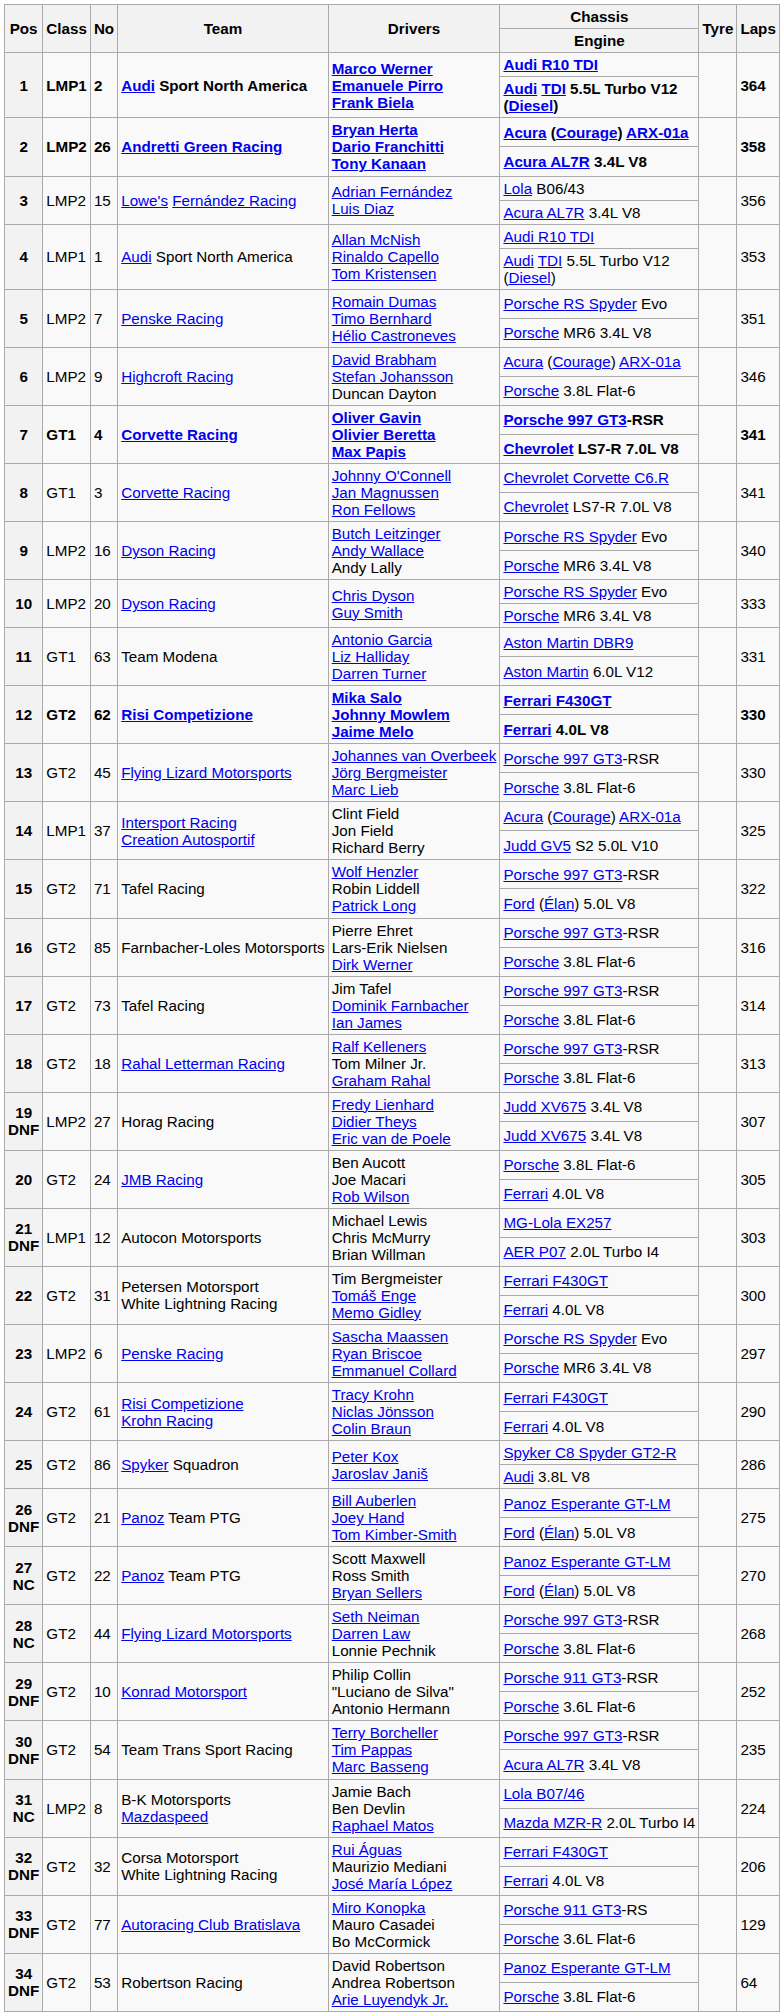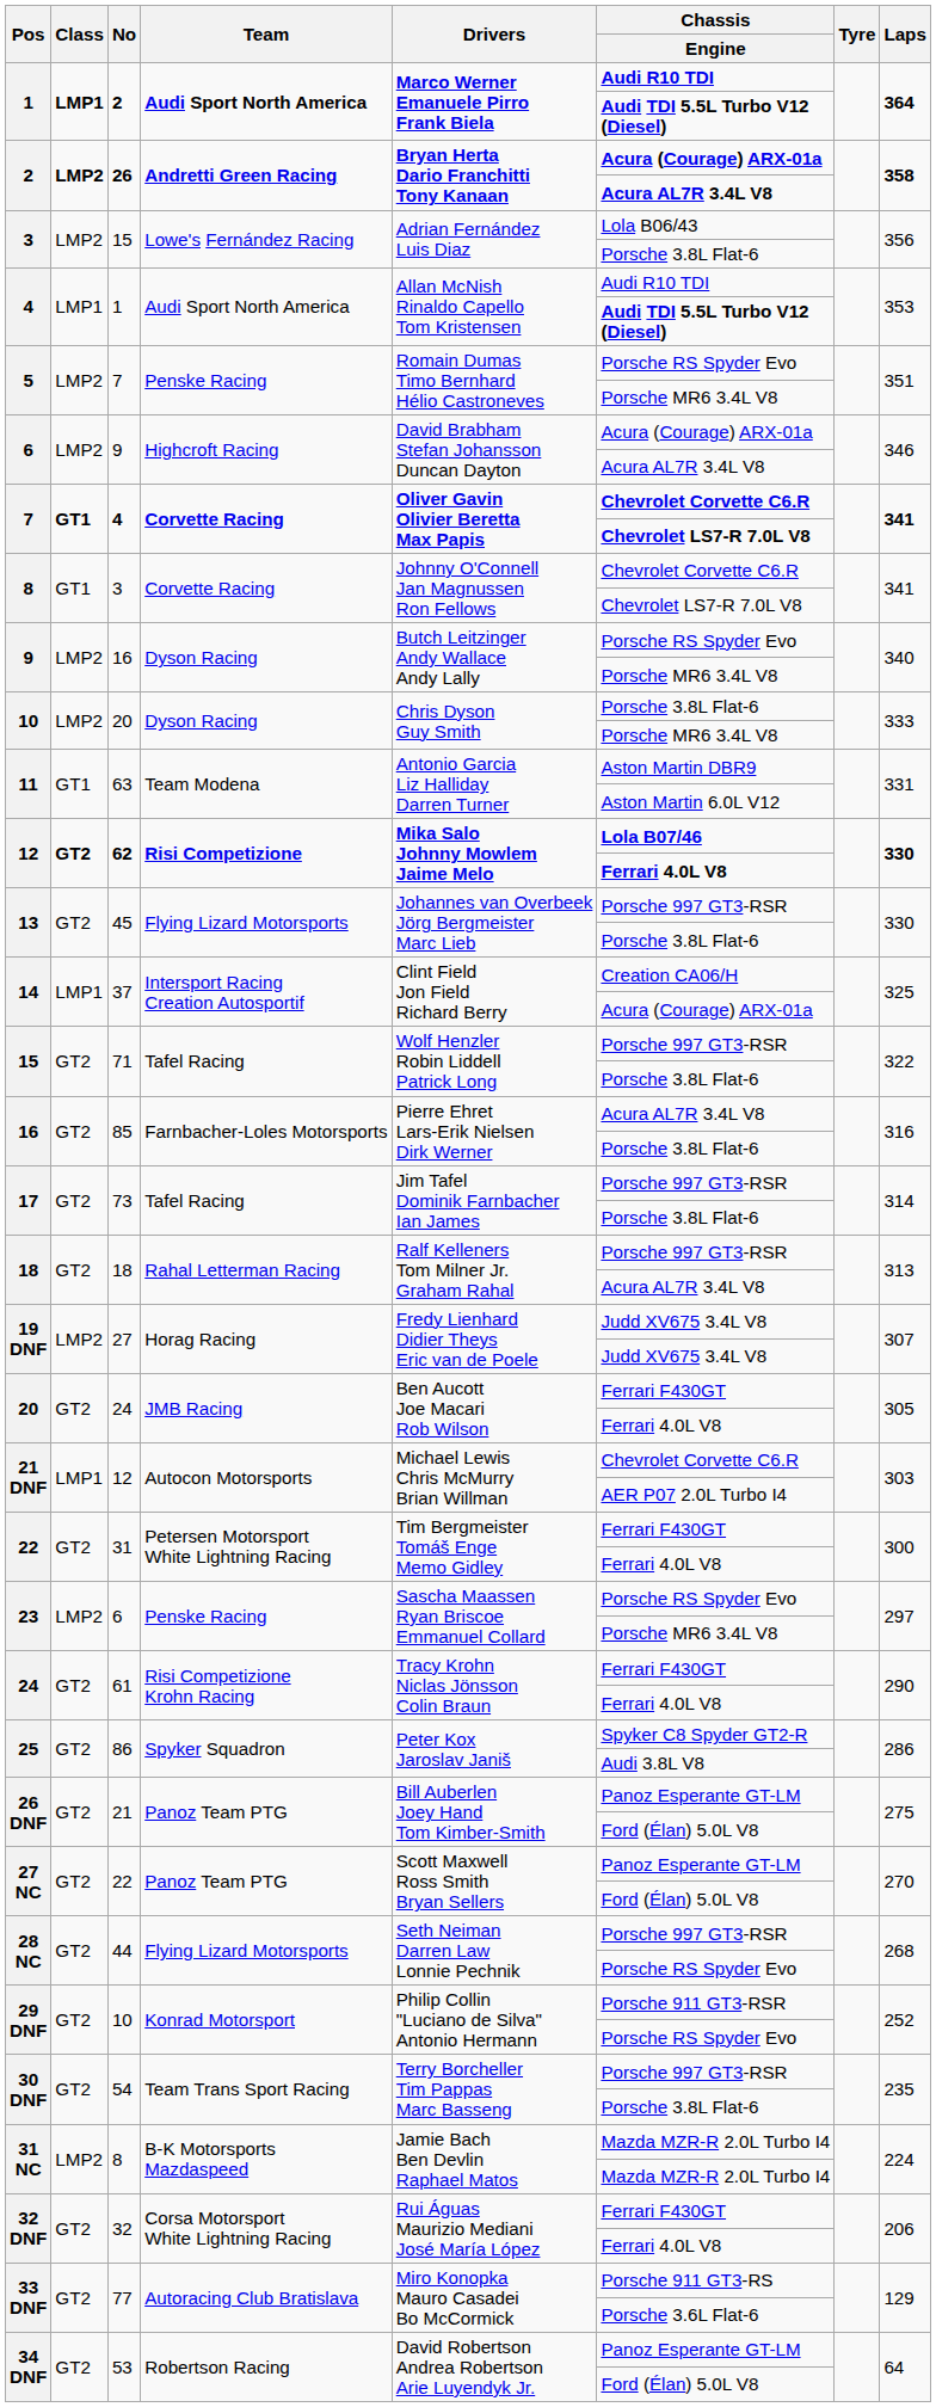 <table class="wikitable" style="font-size: 95%;">
 <tr>
 <th rowspan=2>Pos</th>
 <th rowspan=2>Class</th>
 <th rowspan=2>No</th>
 <th rowspan=2>Team</th>
 <th rowspan=2>Drivers</th>
 <th>Chassis</th>
 <th rowspan=2>Tyre</th>
 <th rowspan=2>Laps</th>
 </tr>
 <tr>
 <th>Engine</th>
 </tr>
 <tr style="font-weight:bold">
 <th rowspan=2>1</th>
 <td rowspan=2>LMP1</td>
 <td rowspan=2>2</td>
 <td rowspan=2> <a href='#'>Audi</a> Sport North America</td>
 <td rowspan=2> <a href='#'>Marco Werner</a><br> <a href='#'>Emanuele Pirro</a><br> <a href='#'>Frank Biela</a></td>
 <td><a href='#'>Audi R10 TDI</a></td>
 <td rowspan=2></td>
 <td rowspan=2>364</td>
 </tr>
 <tr style="font-weight:bold">
 <td><a href='#'>Audi</a> <a href='#'>TDI</a> 5.5L Turbo V12<br>(<a href='#'>Diesel</a>)</td>
 </tr>
 <tr style="font-weight:bold">
 <th rowspan=2>2</th>
 <td rowspan=2>LMP2</td>
 <td rowspan=2>26</td>
 <td rowspan=2> <a href='#'>Andretti Green Racing</a></td>
 <td rowspan=2> <a href='#'>Bryan Herta</a><br> <a href='#'>Dario Franchitti</a><br> <a href='#'>Tony Kanaan</a></td>
 <td><a href='#'>Acura</a> (<a href='#'>Courage</a>) <a href='#'>ARX-01a</a></td>
 <td rowspan=2></td>
 <td rowspan=2>358</td>
 </tr>
 <tr style="font-weight:bold">
 <td><a href='#'>Acura AL7R</a> 3.4L V8</td>
 </tr>
 <tr>
 <th rowspan=2>3</th>
 <td rowspan=2>LMP2</td>
 <td rowspan=2>15</td>
 <td rowspan=2> <a href='#'>Lowe's</a> <a href='#'>Fernández Racing</a></td>
 <td rowspan=2> <a href='#'>Adrian Fernández</a><br> <a href='#'>Luis Diaz</a></td>
 <td><a href='#'>Lola</a> B06/43</td>
 <td rowspan=2></td>
 <td rowspan=2>356</td>
 </tr>
 <tr>
-<td><a href='#'>Acura AL7R</a> 3.4L V8</td>
+<td><a href='#'>Porsche</a> 3.8L Flat-6</td>
 </tr>
 <tr>
 <th rowspan=2>4</th>
 <td rowspan=2>LMP1</td>
 <td rowspan=2>1</td>
 <td rowspan=2> <a href='#'>Audi</a> Sport North America</td>
 <td rowspan=2> <a href='#'>Allan McNish</a><br> <a href='#'>Rinaldo Capello</a><br> <a href='#'>Tom Kristensen</a></td>
 <td><a href='#'>Audi R10 TDI</a></td>
 <td rowspan=2></td>
 <td rowspan=2>353</td>
 </tr>
 <tr>
-<td><a href='#'>Audi</a> <a href='#'>TDI</a> 5.5L Turbo V12<br>(<a href='#'>Diesel</a>)</td>
+<td><strong><a href='#'>Audi</a> <a href='#'>TDI</a> 5.5L Turbo V12<br>(<a href='#'>Diesel</a>)</strong></td>
 </tr>
 <tr>
 <th rowspan=2>5</th>
 <td rowspan=2>LMP2</td>
 <td rowspan=2>7</td>
 <td rowspan=2> <a href='#'>Penske Racing</a></td>
 <td rowspan=2> <a href='#'>Romain Dumas</a><br> <a href='#'>Timo Bernhard</a><br> <a href='#'>Hélio Castroneves</a></td>
 <td><a href='#'>Porsche RS Spyder</a> Evo</td>
 <td rowspan=2></td>
 <td rowspan=2>351</td>
 </tr>
 <tr>
 <td><a href='#'>Porsche</a> MR6 3.4L V8</td>
 </tr>
 <tr>
 <th rowspan=2>6</th>
 <td rowspan=2>LMP2</td>
 <td rowspan=2>9</td>
 <td rowspan=2> <a href='#'>Highcroft Racing</a></td>
 <td rowspan=2> <a href='#'>David Brabham</a><br> <a href='#'>Stefan Johansson</a><br> Duncan Dayton</td>
 <td><a href='#'>Acura</a> (<a href='#'>Courage</a>) <a href='#'>ARX-01a</a></td>
 <td rowspan=2></td>
 <td rowspan=2>346</td>
 </tr>
 <tr>
-<td><a href='#'>Porsche</a> 3.8L Flat-6</td>
+<td><a href='#'>Acura AL7R</a> 3.4L V8</td>
 </tr>
 <tr style="font-weight:bold">
 <th rowspan=2>7</th>
 <td rowspan=2>GT1</td>
 <td rowspan=2>4</td>
 <td rowspan=2> <a href='#'>Corvette Racing</a></td>
 <td rowspan=2> <a href='#'>Oliver Gavin</a><br> <a href='#'>Olivier Beretta</a><br> <a href='#'>Max Papis</a></td>
-<td><a href='#'>Porsche 997 GT3</a>-RSR</td>
+<td><a href='#'>Chevrolet Corvette C6.R</a></td>
 <td rowspan=2></td>
 <td rowspan=2>341</td>
 </tr>
 <tr style="font-weight:bold">
 <td><a href='#'>Chevrolet</a> LS7-R 7.0L V8</td>
 </tr>
 <tr>
 <th rowspan=2>8</th>
 <td rowspan=2>GT1</td>
 <td rowspan=2>3</td>
 <td rowspan=2> <a href='#'>Corvette Racing</a></td>
 <td rowspan=2> <a href='#'>Johnny O'Connell</a><br> <a href='#'>Jan Magnussen</a><br> <a href='#'>Ron Fellows</a></td>
 <td><a href='#'>Chevrolet Corvette C6.R</a></td>
 <td rowspan=2></td>
 <td rowspan=2>341</td>
 </tr>
 <tr>
 <td><a href='#'>Chevrolet</a> LS7-R 7.0L V8</td>
 </tr>
 <tr>
 <th rowspan=2>9</th>
 <td rowspan=2>LMP2</td>
 <td rowspan=2>16</td>
 <td rowspan=2> <a href='#'>Dyson Racing</a></td>
 <td rowspan=2> <a href='#'>Butch Leitzinger</a><br> <a href='#'>Andy Wallace</a><br> Andy Lally</td>
 <td><a href='#'>Porsche RS Spyder</a> Evo</td>
 <td rowspan=2></td>
 <td rowspan=2>340</td>
 </tr>
 <tr>
 <td><a href='#'>Porsche</a> MR6 3.4L V8</td>
 </tr>
 <tr>
 <th rowspan=2>10</th>
 <td rowspan=2>LMP2</td>
 <td rowspan=2>20</td>
 <td rowspan=2> <a href='#'>Dyson Racing</a></td>
 <td rowspan=2> <a href='#'>Chris Dyson</a><br> <a href='#'>Guy Smith</a></td>
-<td><a href='#'>Porsche RS Spyder</a> Evo</td>
+<td><a href='#'>Porsche</a> 3.8L Flat-6</td>
 <td rowspan=2></td>
 <td rowspan=2>333</td>
 </tr>
 <tr>
 <td><a href='#'>Porsche</a> MR6 3.4L V8</td>
 </tr>
 <tr>
 <th rowspan=2>11</th>
 <td rowspan=2>GT1</td>
 <td rowspan=2>63</td>
 <td rowspan=2> Team Modena</td>
 <td rowspan=2> <a href='#'>Antonio Garcia</a><br> <a href='#'>Liz Halliday</a><br> <a href='#'>Darren Turner</a></td>
 <td><a href='#'>Aston Martin DBR9</a></td>
 <td rowspan=2></td>
 <td rowspan=2>331</td>
 </tr>
 <tr>
 <td><a href='#'>Aston Martin</a> 6.0L V12</td>
 </tr>
 <tr style="font-weight:bold">
 <th rowspan=2>12</th>
 <td rowspan=2>GT2</td>
 <td rowspan=2>62</td>
 <td rowspan=2> <a href='#'>Risi Competizione</a></td>
 <td rowspan=2> <a href='#'>Mika Salo</a><br> <a href='#'>Johnny Mowlem</a><br> <a href='#'>Jaime Melo</a></td>
-<td><a href='#'>Ferrari F430GT</a></td>
+<td><a href='#'>Lola B07/46</a></td>
 <td rowspan=2></td>
 <td rowspan=2>330</td>
 </tr>
 <tr style="font-weight:bold">
 <td><a href='#'>Ferrari</a> 4.0L V8</td>
 </tr>
 <tr>
 <th rowspan=2>13</th>
 <td rowspan=2>GT2</td>
 <td rowspan=2>45</td>
 <td rowspan=2> <a href='#'>Flying Lizard Motorsports</a></td>
 <td rowspan=2> <a href='#'>Johannes van Overbeek</a><br> <a href='#'>Jörg Bergmeister</a><br> <a href='#'>Marc Lieb</a></td>
 <td><a href='#'>Porsche 997 GT3</a>-RSR</td>
 <td rowspan=2></td>
 <td rowspan=2>330</td>
 </tr>
 <tr>
 <td><a href='#'>Porsche</a> 3.8L Flat-6</td>
 </tr>
 <tr>
 <th rowspan=2>14</th>
 <td rowspan=2>LMP1</td>
 <td rowspan=2>37</td>
 <td rowspan=2> <a href='#'>Intersport Racing</a><br> <a href='#'>Creation Autosportif</a></td>
 <td rowspan=2> Clint Field<br> Jon Field<br> Richard Berry</td>
-<td><a href='#'>Acura</a> (<a href='#'>Courage</a>) <a href='#'>ARX-01a</a></td>
+<td><a href='#'>Creation CA06/H</a></td>
 <td rowspan=2></td>
 <td rowspan=2>325</td>
 </tr>
 <tr>
-<td><a href='#'>Judd GV5</a> S2 5.0L V10</td>
+<td><a href='#'>Acura</a> (<a href='#'>Courage</a>) <a href='#'>ARX-01a</a></td>
 </tr>
 <tr>
 <th rowspan=2>15</th>
 <td rowspan=2>GT2</td>
 <td rowspan=2>71</td>
 <td rowspan=2> Tafel Racing</td>
 <td rowspan=2> <a href='#'>Wolf Henzler</a><br> Robin Liddell<br> <a href='#'>Patrick Long</a></td>
 <td><a href='#'>Porsche 997 GT3</a>-RSR</td>
 <td rowspan=2></td>
 <td rowspan=2>322</td>
 </tr>
 <tr>
-<td><a href='#'>Ford</a> (<a href='#'>Élan</a>) 5.0L V8</td>
+<td><a href='#'>Porsche</a> 3.8L Flat-6</td>
 </tr>
 <tr>
 <th rowspan=2>16</th>
 <td rowspan=2>GT2</td>
 <td rowspan=2>85</td>
 <td rowspan=2> Farnbacher-Loles Motorsports</td>
 <td rowspan=2> Pierre Ehret<br> Lars-Erik Nielsen<br> <a href='#'>Dirk Werner</a></td>
-<td><a href='#'>Porsche 997 GT3</a>-RSR</td>
+<td><a href='#'>Acura AL7R</a> 3.4L V8</td>
 <td rowspan=2></td>
 <td rowspan=2>316</td>
 </tr>
 <tr>
 <td><a href='#'>Porsche</a> 3.8L Flat-6</td>
 </tr>
 <tr>
 <th rowspan=2>17</th>
 <td rowspan=2>GT2</td>
 <td rowspan=2>73</td>
 <td rowspan=2> Tafel Racing</td>
 <td rowspan=2> Jim Tafel<br> <a href='#'>Dominik Farnbacher</a><br> <a href='#'>Ian James</a></td>
 <td><a href='#'>Porsche 997 GT3</a>-RSR</td>
 <td rowspan=2></td>
 <td rowspan=2>314</td>
 </tr>
 <tr>
 <td><a href='#'>Porsche</a> 3.8L Flat-6</td>
 </tr>
 <tr>
 <th rowspan=2>18</th>
 <td rowspan=2>GT2</td>
 <td rowspan=2>18</td>
 <td rowspan=2> <a href='#'>Rahal Letterman Racing</a></td>
 <td rowspan=2> <a href='#'>Ralf Kelleners</a><br> Tom Milner Jr.<br> <a href='#'>Graham Rahal</a></td>
 <td><a href='#'>Porsche 997 GT3</a>-RSR</td>
 <td rowspan=2></td>
 <td rowspan=2>313</td>
 </tr>
 <tr>
-<td><a href='#'>Porsche</a> 3.8L Flat-6</td>
+<td><a href='#'>Acura AL7R</a> 3.4L V8</td>
 </tr>
 <tr>
 <th rowspan=2>19<br>DNF</th>
 <td rowspan=2>LMP2</td>
 <td rowspan=2>27</td>
 <td rowspan=2> Horag Racing</td>
 <td rowspan=2> <a href='#'>Fredy Lienhard</a><br> <a href='#'>Didier Theys</a><br> <a href='#'>Eric van de Poele</a></td>
 <td><a href='#'>Judd XV675</a> 3.4L V8</td>
 <td rowspan=2></td>
 <td rowspan=2>307</td>
 </tr>
 <tr>
 <td><a href='#'>Judd XV675</a> 3.4L V8</td>
 </tr>
 <tr>
 <th rowspan=2>20</th>
 <td rowspan=2>GT2</td>
 <td rowspan=2>24</td>
 <td rowspan=2> <a href='#'>JMB Racing</a></td>
 <td rowspan=2> Ben Aucott<br> Joe Macari<br> <a href='#'>Rob Wilson</a></td>
-<td><a href='#'>Porsche</a> 3.8L Flat-6</td>
+<td><a href='#'>Ferrari F430GT</a></td>
 <td rowspan=2></td>
 <td rowspan=2>305</td>
 </tr>
 <tr>
 <td><a href='#'>Ferrari</a> 4.0L V8</td>
 </tr>
 <tr>
 <th rowspan=2>21<br>DNF</th>
 <td rowspan=2>LMP1</td>
 <td rowspan=2>12</td>
 <td rowspan=2> Autocon Motorsports</td>
 <td rowspan=2> Michael Lewis<br> Chris McMurry<br> Brian Willman</td>
-<td><a href='#'>MG-Lola EX257</a></td>
+<td><a href='#'>Chevrolet Corvette C6.R</a></td>
 <td rowspan=2></td>
 <td rowspan=2>303</td>
 </tr>
 <tr>
 <td><a href='#'>AER P07</a> 2.0L Turbo I4</td>
 </tr>
 <tr>
 <th rowspan=2>22</th>
 <td rowspan=2>GT2</td>
 <td rowspan=2>31</td>
 <td rowspan=2> Petersen Motorsport<br> White Lightning Racing</td>
 <td rowspan=2> Tim Bergmeister<br> <a href='#'>Tomáš Enge</a><br> <a href='#'>Memo Gidley</a></td>
 <td><a href='#'>Ferrari F430GT</a></td>
 <td rowspan=2></td>
 <td rowspan=2>300</td>
 </tr>
 <tr>
 <td><a href='#'>Ferrari</a> 4.0L V8</td>
 </tr>
 <tr>
 <th rowspan=2>23</th>
 <td rowspan=2>LMP2</td>
 <td rowspan=2>6</td>
 <td rowspan=2> <a href='#'>Penske Racing</a></td>
 <td rowspan=2> <a href='#'>Sascha Maassen</a><br> <a href='#'>Ryan Briscoe</a><br> <a href='#'>Emmanuel Collard</a></td>
 <td><a href='#'>Porsche RS Spyder</a> Evo</td>
 <td rowspan=2></td>
 <td rowspan=2>297</td>
 </tr>
 <tr>
 <td><a href='#'>Porsche</a> MR6 3.4L V8</td>
 </tr>
 <tr>
 <th rowspan=2>24</th>
 <td rowspan=2>GT2</td>
 <td rowspan=2>61</td>
 <td rowspan=2> <a href='#'>Risi Competizione</a><br> <a href='#'>Krohn Racing</a></td>
 <td rowspan=2> <a href='#'>Tracy Krohn</a><br> <a href='#'>Niclas Jönsson</a><br> <a href='#'>Colin Braun</a></td>
 <td><a href='#'>Ferrari F430GT</a></td>
 <td rowspan=2></td>
 <td rowspan=2>290</td>
 </tr>
 <tr>
 <td><a href='#'>Ferrari</a> 4.0L V8</td>
 </tr>
 <tr>
 <th rowspan=2>25</th>
 <td rowspan=2>GT2</td>
 <td rowspan=2>86</td>
 <td rowspan=2> <a href='#'>Spyker</a> Squadron</td>
 <td rowspan=2> <a href='#'>Peter Kox</a><br> <a href='#'>Jaroslav Janiš</a></td>
 <td><a href='#'>Spyker C8 Spyder GT2-R</a></td>
 <td rowspan=2></td>
 <td rowspan=2>286</td>
 </tr>
 <tr>
 <td><a href='#'>Audi</a> 3.8L V8</td>
 </tr>
 <tr>
 <th rowspan=2>26<br>DNF</th>
 <td rowspan=2>GT2</td>
 <td rowspan=2>21</td>
 <td rowspan=2> <a href='#'>Panoz</a> Team PTG</td>
 <td rowspan=2> <a href='#'>Bill Auberlen</a><br> <a href='#'>Joey Hand</a><br> <a href='#'>Tom Kimber-Smith</a></td>
 <td><a href='#'>Panoz Esperante GT-LM</a></td>
 <td rowspan=2></td>
 <td rowspan=2>275</td>
 </tr>
 <tr>
 <td><a href='#'>Ford</a> (<a href='#'>Élan</a>) 5.0L V8</td>
 </tr>
 <tr>
 <th rowspan=2>27<br>NC</th>
 <td rowspan=2>GT2</td>
 <td rowspan=2>22</td>
 <td rowspan=2> <a href='#'>Panoz</a> Team PTG</td>
 <td rowspan=2> Scott Maxwell<br> Ross Smith<br> <a href='#'>Bryan Sellers</a></td>
 <td><a href='#'>Panoz Esperante GT-LM</a></td>
 <td rowspan=2></td>
 <td rowspan=2>270</td>
 </tr>
 <tr>
 <td><a href='#'>Ford</a> (<a href='#'>Élan</a>) 5.0L V8</td>
 </tr>
 <tr>
 <th rowspan=2>28<br>NC</th>
 <td rowspan=2>GT2</td>
 <td rowspan=2>44</td>
 <td rowspan=2> <a href='#'>Flying Lizard Motorsports</a></td>
 <td rowspan=2> <a href='#'>Seth Neiman</a><br> <a href='#'>Darren Law</a><br> Lonnie Pechnik</td>
 <td><a href='#'>Porsche 997 GT3</a>-RSR</td>
 <td rowspan=2></td>
 <td rowspan=2>268</td>
 </tr>
 <tr>
-<td><a href='#'>Porsche</a> 3.8L Flat-6</td>
+<td><a href='#'>Porsche RS Spyder</a> Evo</td>
 </tr>
 <tr>
 <th rowspan=2>29<br>DNF</th>
 <td rowspan=2>GT2</td>
 <td rowspan=2>10</td>
 <td rowspan=2> <a href='#'>Konrad Motorsport</a></td>
 <td rowspan=2> Philip Collin<br> "Luciano de Silva"<br> Antonio Hermann</td>
 <td><a href='#'>Porsche 911 GT3</a>-RSR</td>
 <td rowspan=2></td>
 <td rowspan=2>252</td>
 </tr>
 <tr>
-<td><a href='#'>Porsche</a> 3.6L Flat-6</td>
+<td><a href='#'>Porsche RS Spyder</a> Evo</td>
 </tr>
 <tr>
 <th rowspan=2>30<br>DNF</th>
 <td rowspan=2>GT2</td>
 <td rowspan=2>54</td>
 <td rowspan=2> Team Trans Sport Racing</td>
 <td rowspan=2> <a href='#'>Terry Borcheller</a><br> <a href='#'>Tim Pappas</a><br> <a href='#'>Marc Basseng</a></td>
 <td><a href='#'>Porsche 997 GT3</a>-RSR</td>
 <td rowspan=2></td>
 <td rowspan=2>235</td>
 </tr>
 <tr>
-<td><a href='#'>Acura AL7R</a> 3.4L V8</td>
+<td><a href='#'>Porsche</a> 3.8L Flat-6</td>
 </tr>
 <tr>
 <th rowspan=2>31<br>NC</th>
 <td rowspan=2>LMP2</td>
 <td rowspan=2>8</td>
 <td rowspan=2> B-K Motorsports<br> <a href='#'>Mazdaspeed</a></td>
 <td rowspan=2> Jamie Bach<br> Ben Devlin<br> <a href='#'>Raphael Matos</a></td>
-<td><a href='#'>Lola B07/46</a></td>
+<td><a href='#'>Mazda MZR-R</a> 2.0L Turbo I4</td>
 <td rowspan=2></td>
 <td rowspan=2>224</td>
 </tr>
 <tr>
 <td><a href='#'>Mazda MZR-R</a> 2.0L Turbo I4</td>
 </tr>
 <tr>
 <th rowspan=2>32<br>DNF</th>
 <td rowspan=2>GT2</td>
 <td rowspan=2>32</td>
 <td rowspan=2> Corsa Motorsport<br> White Lightning Racing</td>
 <td rowspan=2> <a href='#'>Rui Águas</a><br> Maurizio Mediani<br> <a href='#'>José María López</a></td>
 <td><a href='#'>Ferrari F430GT</a></td>
 <td rowspan=2></td>
 <td rowspan=2>206</td>
 </tr>
 <tr>
 <td><a href='#'>Ferrari</a> 4.0L V8</td>
 </tr>
 <tr>
 <th rowspan=2>33<br>DNF</th>
 <td rowspan=2>GT2</td>
 <td rowspan=2>77</td>
 <td rowspan=2> <a href='#'>Autoracing Club Bratislava</a></td>
 <td rowspan=2> <a href='#'>Miro Konopka</a><br> Mauro Casadei<br> Bo McCormick</td>
 <td><a href='#'>Porsche 911 GT3</a>-RS</td>
 <td rowspan=2></td>
 <td rowspan=2>129</td>
 </tr>
 <tr>
 <td><a href='#'>Porsche</a> 3.6L Flat-6</td>
 </tr>
 <tr>
 <th rowspan=2>34<br>DNF</th>
 <td rowspan=2>GT2</td>
 <td rowspan=2>53</td>
 <td rowspan=2> Robertson Racing</td>
 <td rowspan=2> David Robertson<br> Andrea Robertson<br> <a href='#'>Arie Luyendyk Jr.</a></td>
 <td><a href='#'>Panoz Esperante GT-LM</a></td>
 <td rowspan=2></td>
 <td rowspan=2>64</td>
 </tr>
 <tr>
-<td><a href='#'>Porsche</a> 3.8L Flat-6</td>
+<td><a href='#'>Ford</a> (<a href='#'>Élan</a>) 5.0L V8</td>
 </tr>
 </table>
